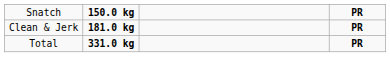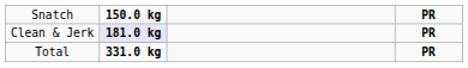 <table class = "wikitable" style="text-align:center;">
 <tr>
 <td width=100>Snatch</td>
 <td width=70><strong>150.0 kg</strong></td>
 <td width=250 align=left></td>
 <td width=70><strong>PR</strong></td>
 </tr>
 <tr>
 <td width=100>Clean & Jerk</td>
-<td width=70><strong>181.0 kg</strong></td>
+<td width=70 style="background: lavender;"><strong>181.0 kg</strong></td>
 <td width=250 align=left></td>
 <td width=70><strong>PR</strong></td>
 </tr>
 <tr>
 <td width=100>Total</td>
 <td width=70><strong>331.0 kg</strong></td>
 <td width=250 align=left></td>
 <td width=70><strong>PR</strong></td>
 </tr>
 </table>
